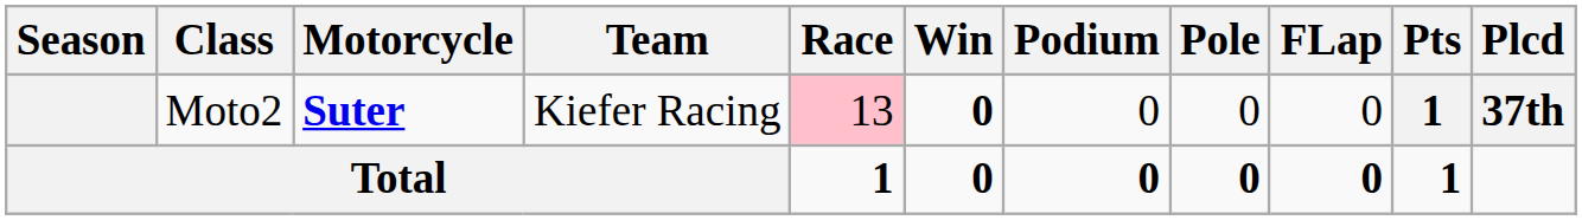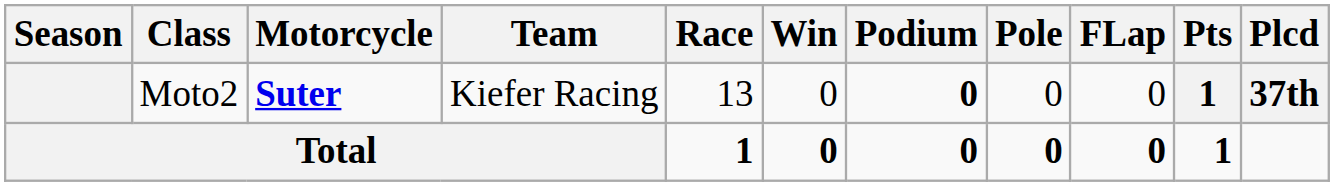 <table class="wikitable" style="text-align:right;">
 <tr>
 <th>Season</th>
 <th>Class</th>
 <th>Motorcycle</th>
 <th>Team</th>
 <th>Race</th>
 <th>Win</th>
 <th>Podium</th>
 <th>Pole</th>
 <th>FLap</th>
 <th>Pts</th>
 <th>Plcd</th>
 </tr>
 <tr>
 <th></th>
 <td>Moto2</td>
 <td style="text-align:left;"><strong><a href='#'>Suter</a></strong></td>
 <td style="text-align:left;">Kiefer Racing</td>
-<td style="background: pink;">13</td>
+<td>13</td>
+<td>0</td>
 <td><strong>0</strong></td>
-<td>0</td>
 <td>0</td>
 <td>0</td>
 <th>1</th>
 <th>37th</th>
 </tr>
 <tr>
 <th colspan="4">Total</th>
 <td><strong>1</strong></td>
 <td><strong>0</strong></td>
 <td><strong>0</strong></td>
 <td><strong>0</strong></td>
 <td><strong>0</strong></td>
 <td><strong>1</strong></td>
 <td></td>
 </tr>
 </table>
